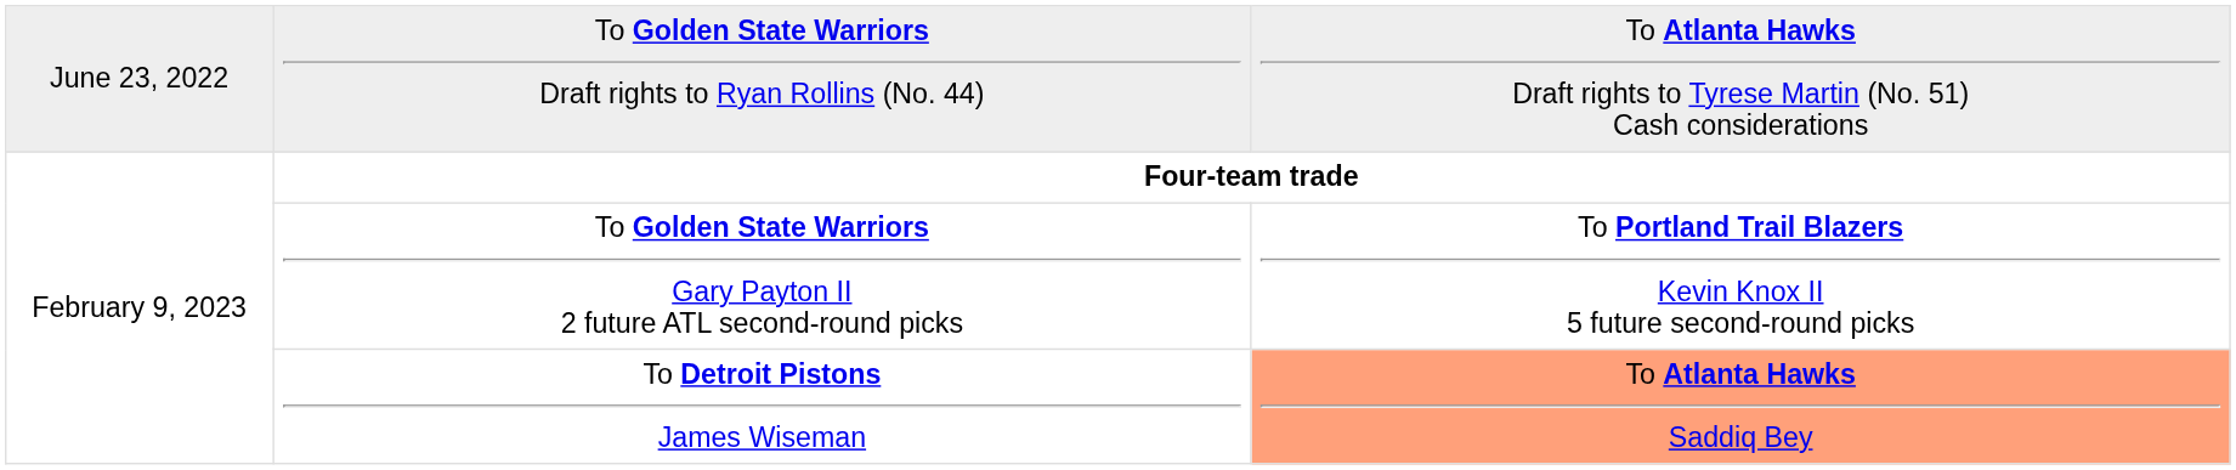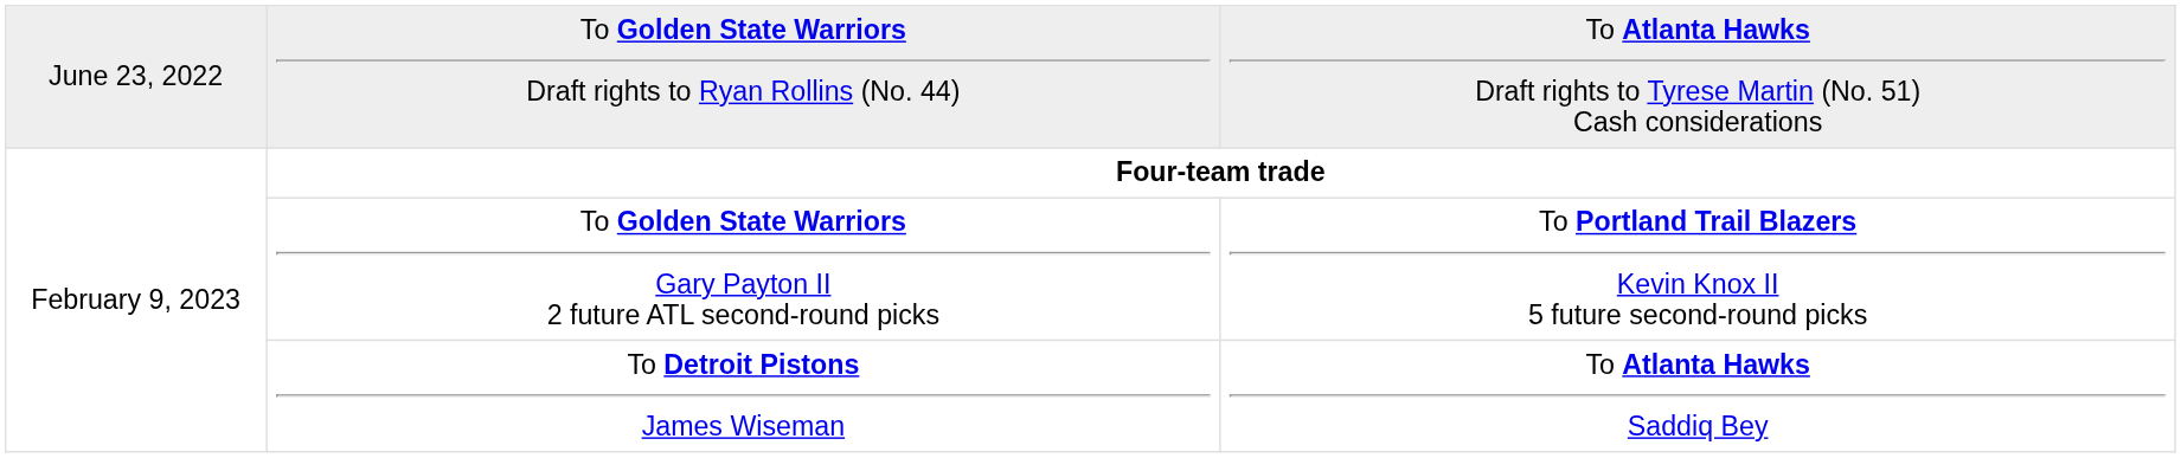 <table border=1 style="border-collapse:collapse; text-align: center; width: 100%" bordercolor="#DFDFDF"  cellpadding="5">
 <tr bgcolor="eeeeee">
 <td style="width:12%">June 23, 2022</td>
 <td style="width:44%" valign="top">To <strong><a href='#'>Golden State Warriors</a></strong><hr>Draft rights to <a href='#'>Ryan Rollins</a> (No. 44)</td>
 <td style="width:44%" valign="top">To <strong><a href='#'>Atlanta Hawks</a></strong><hr>Draft rights to <a href='#'>Tyrese Martin</a> (No. 51)<br>Cash considerations</td>
 </tr>
 <tr>
 <td style="width:12%" rowspan=3>February 9, 2023</td>
 <td colspan=2><strong>Four-team trade</strong></td>
 </tr>
 <tr>
 <td style="width:31%; vertical-align:top;">To <strong><a href='#'>Golden State Warriors</a></strong><hr><a href='#'>Gary Payton II</a><br>2 future ATL second-round picks</td>
 <td style="width:31%; vertical-align:top;">To <strong><a href='#'>Portland Trail Blazers</a></strong><hr><a href='#'>Kevin Knox II</a><br>5 future second-round picks</td>
 </tr>
 <tr>
 <td style="width:31%; vertical-align:top;">To <strong><a href='#'>Detroit Pistons</a></strong><hr><a href='#'>James Wiseman</a></td>
-<td style="background: lightsalmon; width:31%; vertical-align:top;">To <strong><a href='#'>Atlanta Hawks</a></strong><hr><a href='#'>Saddiq Bey</a></td>
+<td style="width:31%; vertical-align:top;">To <strong><a href='#'>Atlanta Hawks</a></strong><hr><a href='#'>Saddiq Bey</a></td>
 </tr>
 </table>
